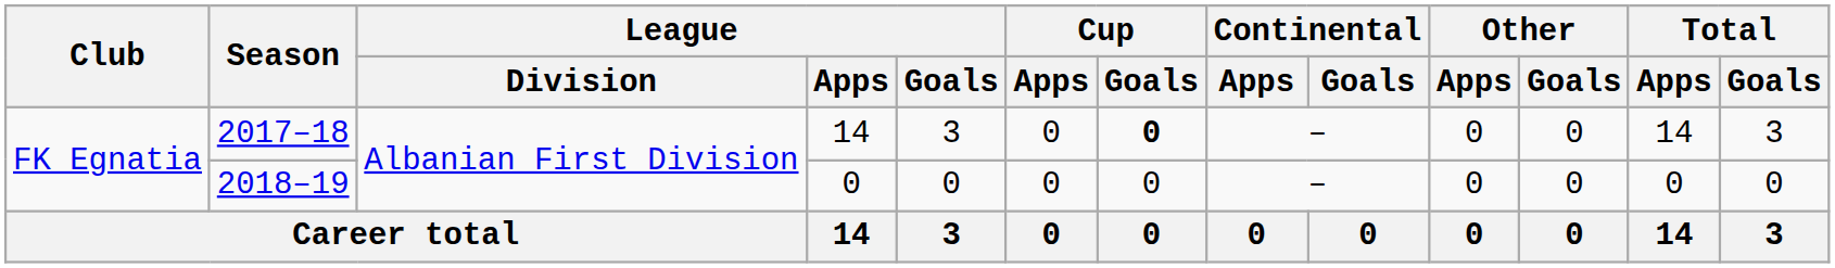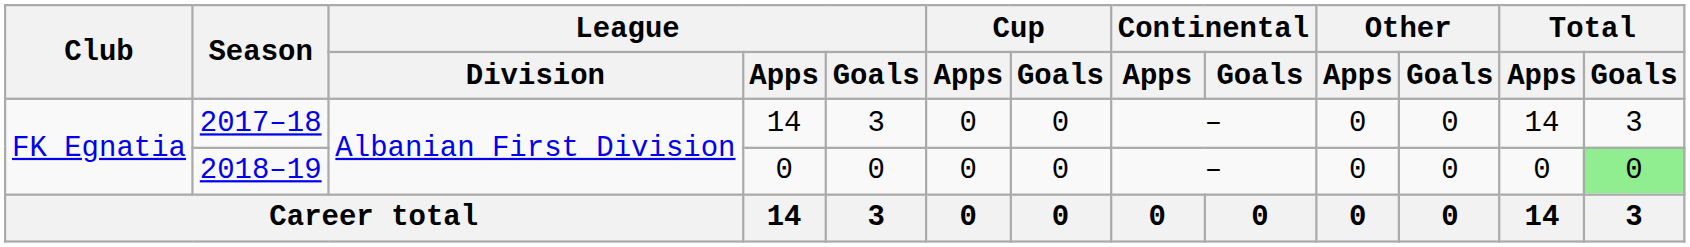 <table class="wikitable" style="text-align: center">
 <tr>
 <th rowspan="2">Club</th>
 <th rowspan="2">Season</th>
 <th colspan="3">League</th>
 <th colspan="2">Cup</th>
 <th colspan="2">Continental</th>
 <th colspan="2">Other</th>
 <th colspan="2">Total</th>
 </tr>
 <tr>
 <th>Division</th>
 <th>Apps</th>
 <th>Goals</th>
 <th>Apps</th>
 <th>Goals</th>
 <th>Apps</th>
 <th>Goals</th>
 <th>Apps</th>
 <th>Goals</th>
 <th>Apps</th>
 <th>Goals</th>
 </tr>
 <tr>
 <td rowspan="2"><a href='#'>FK Egnatia</a></td>
 <td><a href='#'>2017–18</a></td>
 <td rowspan="2"><a href='#'>Albanian First Division</a></td>
 <td>14</td>
 <td>3</td>
 <td>0</td>
-<td><strong>0</strong></td>
+<td>0</td>
 <td colspan="2">–</td>
 <td>0</td>
 <td>0</td>
 <td>14</td>
 <td>3</td>
 </tr>
 <tr>
 <td><a href='#'>2018–19</a></td>
 <td>0</td>
 <td>0</td>
 <td>0</td>
 <td>0</td>
 <td colspan="2">–</td>
 <td>0</td>
 <td>0</td>
 <td>0</td>
-<td>0</td>
+<td style="background: lightgreen;">0</td>
 </tr>
 <tr>
 <th colspan="3"><strong>Career total</strong></th>
 <th>14</th>
 <th>3</th>
 <th>0</th>
 <th>0</th>
 <th>0</th>
 <th>0</th>
 <th>0</th>
 <th>0</th>
 <th>14</th>
 <th>3</th>
 </tr>
 </table>
